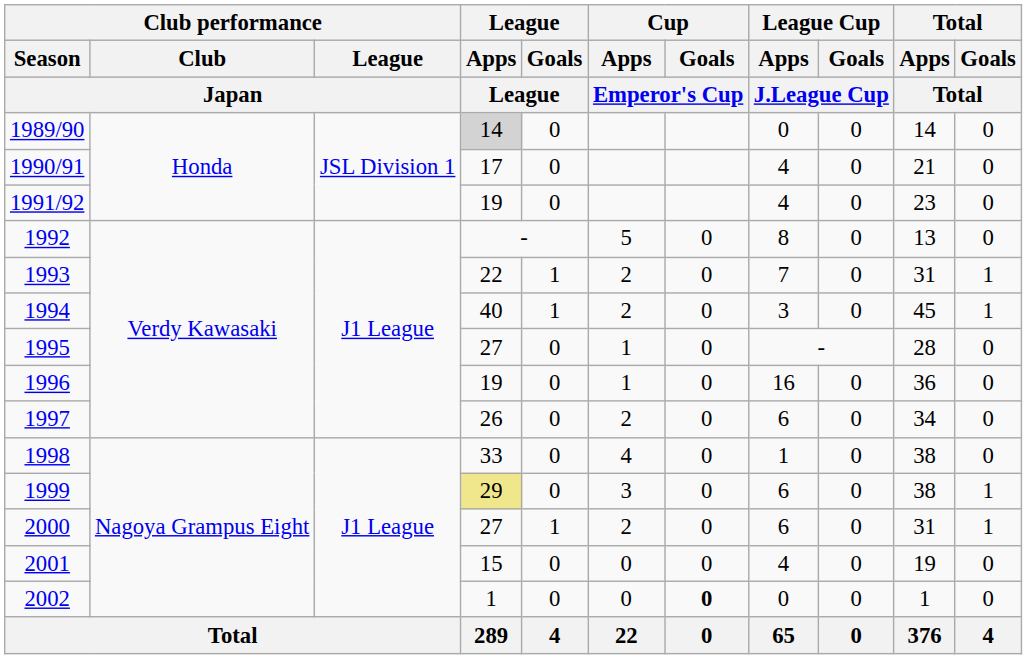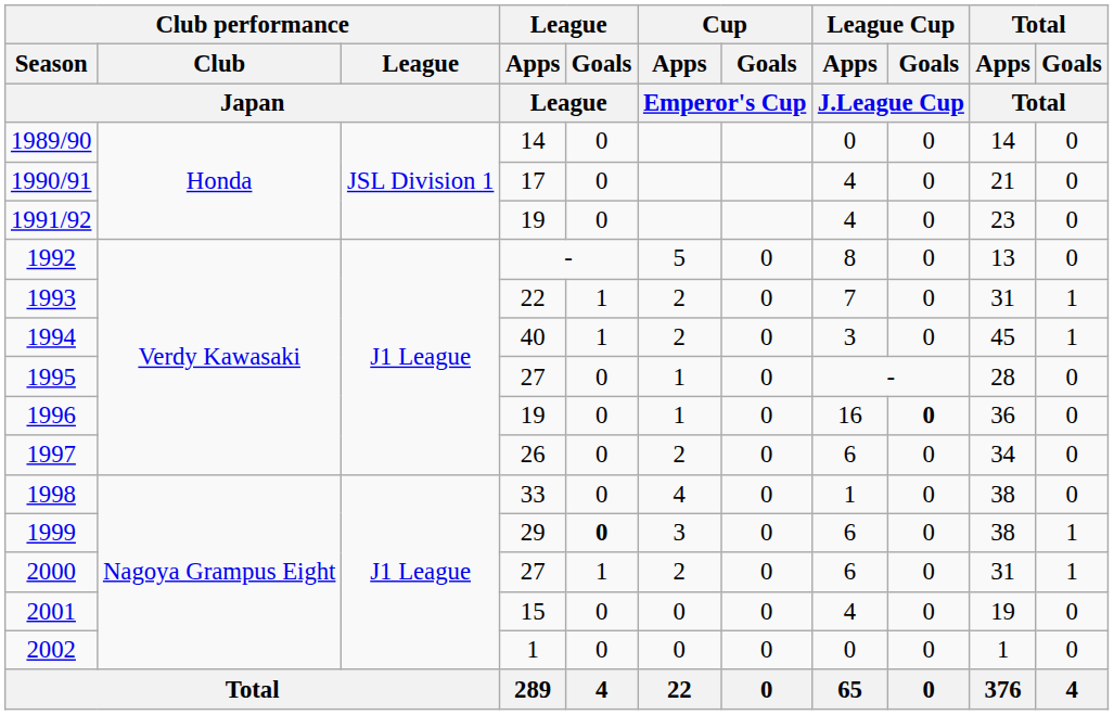 <table class="wikitable" style="text-align:center;">
 <tr>
 <th colspan=3>Club performance</th>
 <th colspan=2>League</th>
 <th colspan=2>Cup</th>
 <th colspan=2>League Cup</th>
 <th colspan=2>Total</th>
 </tr>
 <tr>
 <th>Season</th>
 <th>Club</th>
 <th>League</th>
 <th>Apps</th>
 <th>Goals</th>
 <th>Apps</th>
 <th>Goals</th>
 <th>Apps</th>
 <th>Goals</th>
 <th>Apps</th>
 <th>Goals</th>
 </tr>
 <tr>
 <th colspan=3>Japan</th>
 <th colspan=2>League</th>
 <th colspan=2><a href='#'>Emperor's Cup</a></th>
 <th colspan=2><a href='#'>J.League Cup</a></th>
 <th colspan=2>Total</th>
 </tr>
 <tr>
 <td><a href='#'>1989/90</a></td>
 <td rowspan="3"><a href='#'>Honda</a></td>
 <td rowspan="3"><a href='#'>JSL Division 1</a></td>
-<td style="background: lightgrey;">14</td>
+<td>14</td>
 <td>0</td>
 <td></td>
 <td></td>
 <td>0</td>
 <td>0</td>
 <td>14</td>
 <td>0</td>
 </tr>
 <tr>
 <td><a href='#'>1990/91</a></td>
 <td>17</td>
 <td>0</td>
 <td></td>
 <td></td>
 <td>4</td>
 <td>0</td>
 <td>21</td>
 <td>0</td>
 </tr>
 <tr>
 <td><a href='#'>1991/92</a></td>
 <td>19</td>
 <td>0</td>
 <td></td>
 <td></td>
 <td>4</td>
 <td>0</td>
 <td>23</td>
 <td>0</td>
 </tr>
 <tr>
 <td><a href='#'>1992</a></td>
 <td rowspan="6"><a href='#'>Verdy Kawasaki</a></td>
 <td rowspan="6"><a href='#'>J1 League</a></td>
 <td colspan="2">-</td>
 <td>5</td>
 <td>0</td>
 <td>8</td>
 <td>0</td>
 <td>13</td>
 <td>0</td>
 </tr>
 <tr>
 <td><a href='#'>1993</a></td>
 <td>22</td>
 <td>1</td>
 <td>2</td>
 <td>0</td>
 <td>7</td>
 <td>0</td>
 <td>31</td>
 <td>1</td>
 </tr>
 <tr>
 <td><a href='#'>1994</a></td>
 <td>40</td>
 <td>1</td>
 <td>2</td>
 <td>0</td>
 <td>3</td>
 <td>0</td>
 <td>45</td>
 <td>1</td>
 </tr>
 <tr>
 <td><a href='#'>1995</a></td>
 <td>27</td>
 <td>0</td>
 <td>1</td>
 <td>0</td>
 <td colspan="2">-</td>
 <td>28</td>
 <td>0</td>
 </tr>
 <tr>
 <td><a href='#'>1996</a></td>
 <td>19</td>
 <td>0</td>
 <td>1</td>
 <td>0</td>
 <td>16</td>
-<td>0</td>
+<td><strong>0</strong></td>
 <td>36</td>
 <td>0</td>
 </tr>
 <tr>
 <td><a href='#'>1997</a></td>
 <td>26</td>
 <td>0</td>
 <td>2</td>
 <td>0</td>
 <td>6</td>
 <td>0</td>
 <td>34</td>
 <td>0</td>
 </tr>
 <tr>
 <td><a href='#'>1998</a></td>
 <td rowspan="5"><a href='#'>Nagoya Grampus Eight</a></td>
 <td rowspan="5"><a href='#'>J1 League</a></td>
 <td>33</td>
 <td>0</td>
 <td>4</td>
 <td>0</td>
 <td>1</td>
 <td>0</td>
 <td>38</td>
 <td>0</td>
 </tr>
 <tr>
 <td><a href='#'>1999</a></td>
-<td style="background: khaki;">29</td>
-<td>0</td>
+<td>29</td>
+<td><strong>0</strong></td>
 <td>3</td>
 <td>0</td>
 <td>6</td>
 <td>0</td>
 <td>38</td>
 <td>1</td>
 </tr>
 <tr>
 <td><a href='#'>2000</a></td>
 <td>27</td>
 <td>1</td>
 <td>2</td>
 <td>0</td>
 <td>6</td>
 <td>0</td>
 <td>31</td>
 <td>1</td>
 </tr>
 <tr>
 <td><a href='#'>2001</a></td>
 <td>15</td>
 <td>0</td>
 <td>0</td>
 <td>0</td>
 <td>4</td>
 <td>0</td>
 <td>19</td>
 <td>0</td>
 </tr>
 <tr>
 <td><a href='#'>2002</a></td>
 <td>1</td>
 <td>0</td>
 <td>0</td>
-<td><strong>0</strong></td>
+<td>0</td>
 <td>0</td>
 <td>0</td>
 <td>1</td>
 <td>0</td>
 </tr>
 <tr>
 <th colspan=3>Total</th>
 <th>289</th>
 <th>4</th>
 <th>22</th>
 <th>0</th>
 <th>65</th>
 <th>0</th>
 <th>376</th>
 <th>4</th>
 </tr>
 </table>
